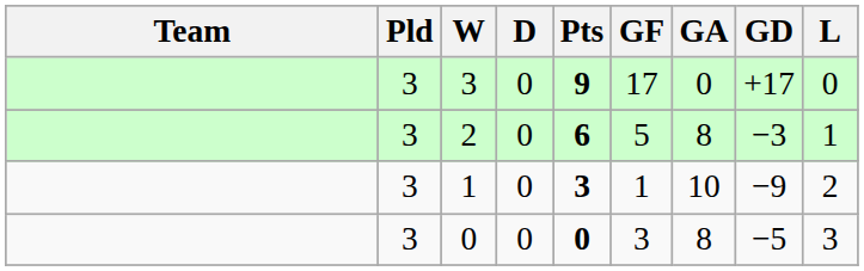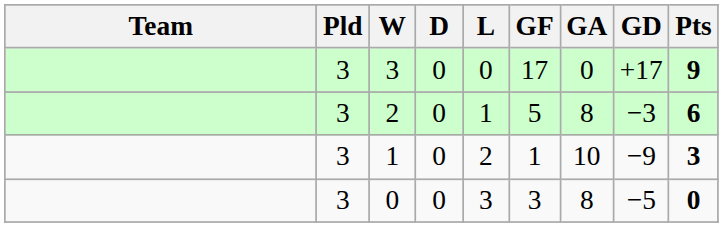 <table class="wikitable" style="text-align:center;">
 <tr>
 <th width=175>Team</th>
 <th width=20 abbr="Played">Pld</th>
 <th width=20 abbr="Won">W</th>
 <th width=20 abbr="Drawn">D</th>
-<th width=20 abbr="Points">Pts</th>
+<th width=20 abbr="Lost">L</th>
 <th width=20 abbr="Goals for">GF</th>
 <th width=20 abbr="Goals against">GA</th>
 <th width=20 abbr="Goal difference">GD</th>
-<th width=20 abbr="Lost">L</th>
+<th width=20 abbr="Points">Pts</th>
 </tr>
 <tr style="background:#ccffcc;">
 <td align=left></td>
 <td>3</td>
 <td>3</td>
 <td>0</td>
-<td><strong>9</strong></td>
+<td>0</td>
 <td>17</td>
 <td>0</td>
 <td>+17</td>
-<td>0</td>
+<td><strong>9</strong></td>
 </tr>
 <tr style="background:#ccffcc;">
 <td align=left></td>
 <td>3</td>
 <td>2</td>
 <td>0</td>
-<td><strong>6</strong></td>
+<td>1</td>
 <td>5</td>
 <td>8</td>
 <td>−3</td>
-<td>1</td>
+<td><strong>6</strong></td>
 </tr>
 <tr>
 <td align=left></td>
 <td>3</td>
 <td>1</td>
 <td>0</td>
-<td><strong>3</strong></td>
+<td>2</td>
 <td>1</td>
 <td>10</td>
 <td>−9</td>
-<td>2</td>
+<td><strong>3</strong></td>
 </tr>
 <tr>
 <td align=left></td>
 <td>3</td>
 <td>0</td>
 <td>0</td>
-<td><strong>0</strong></td>
+<td>3</td>
 <td>3</td>
 <td>8</td>
 <td>−5</td>
-<td>3</td>
+<td><strong>0</strong></td>
 </tr>
 </table>
